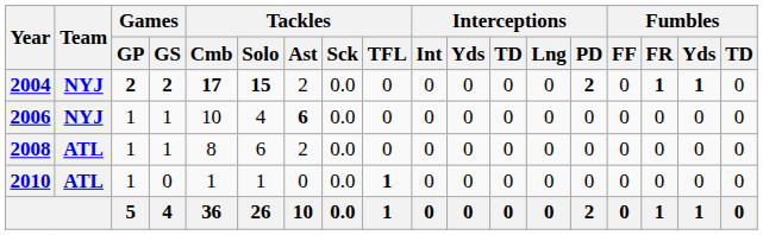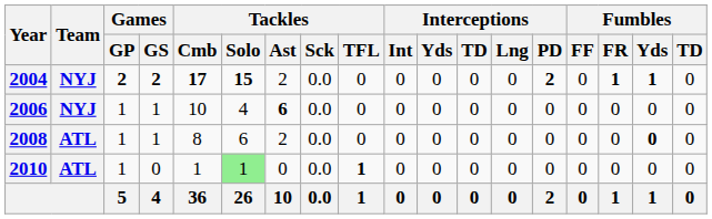 <table class="wikitable" style="text-align:center">
 <tr>
 <th rowspan="2">Year</th>
 <th rowspan="2">Team</th>
 <th colspan="2">Games</th>
 <th colspan="5">Tackles</th>
 <th colspan="5">Interceptions</th>
 <th colspan="4">Fumbles</th>
 </tr>
 <tr>
 <th>GP</th>
 <th>GS</th>
 <th>Cmb</th>
 <th>Solo</th>
 <th>Ast</th>
 <th>Sck</th>
 <th>TFL</th>
 <th>Int</th>
 <th>Yds</th>
 <th>TD</th>
 <th>Lng</th>
 <th>PD</th>
 <th>FF</th>
 <th>FR</th>
 <th>Yds</th>
 <th>TD</th>
 </tr>
 <tr>
 <th><a href='#'>2004</a></th>
 <th><a href='#'>NYJ</a></th>
 <td><strong>2</strong></td>
 <td><strong>2</strong></td>
 <td><strong>17</strong></td>
 <td><strong>15</strong></td>
 <td>2</td>
 <td>0.0</td>
 <td>0</td>
 <td>0</td>
 <td>0</td>
 <td>0</td>
 <td>0</td>
 <td><strong>2</strong></td>
 <td>0</td>
 <td><strong>1</strong></td>
 <td><strong>1</strong></td>
 <td>0</td>
 </tr>
 <tr>
 <th><a href='#'>2006</a></th>
 <th><a href='#'>NYJ</a></th>
 <td>1</td>
 <td>1</td>
 <td>10</td>
 <td>4</td>
 <td><strong>6</strong></td>
 <td>0.0</td>
 <td>0</td>
 <td>0</td>
 <td>0</td>
 <td>0</td>
 <td>0</td>
 <td>0</td>
 <td>0</td>
 <td>0</td>
 <td>0</td>
 <td>0</td>
 </tr>
 <tr>
 <th><a href='#'>2008</a></th>
 <th><a href='#'>ATL</a></th>
 <td>1</td>
 <td>1</td>
 <td>8</td>
 <td>6</td>
 <td>2</td>
 <td>0.0</td>
 <td>0</td>
 <td>0</td>
 <td>0</td>
 <td>0</td>
 <td>0</td>
 <td>0</td>
 <td>0</td>
 <td>0</td>
-<td>0</td>
+<td><strong>0</strong></td>
 <td>0</td>
 </tr>
 <tr>
 <th><a href='#'>2010</a></th>
 <th><a href='#'>ATL</a></th>
 <td>1</td>
 <td>0</td>
 <td>1</td>
-<td>1</td>
+<td style="background: lightgreen;">1</td>
 <td>0</td>
 <td>0.0</td>
 <td><strong>1</strong></td>
 <td>0</td>
 <td>0</td>
 <td>0</td>
 <td>0</td>
 <td>0</td>
 <td>0</td>
 <td>0</td>
 <td>0</td>
 <td>0</td>
 </tr>
 <tr>
 <th colspan="2"></th>
 <th>5</th>
 <th>4</th>
 <th>36</th>
 <th>26</th>
 <th>10</th>
 <th>0.0</th>
 <th>1</th>
 <th>0</th>
 <th>0</th>
 <th>0</th>
 <th>0</th>
 <th>2</th>
 <th>0</th>
 <th>1</th>
 <th>1</th>
 <th>0</th>
 </tr>
 </table>
